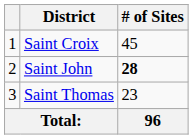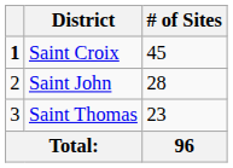 <table class="wikitable sortable">
 <tr>
 <th></th>
 <th><strong>District</strong></th>
 <th><strong># of Sites</strong></th>
 </tr>
 <tr ->
-<td>1</td>
+<td><strong>1</strong></td>
 <td><a href='#'>Saint Croix</a></td>
 <td>45</td>
 </tr>
 <tr ->
 <td>2</td>
 <td><a href='#'>Saint John</a></td>
-<td><strong>28</strong></td>
+<td>28</td>
 </tr>
 <tr ->
 <td>3</td>
 <td><a href='#'>Saint Thomas</a></td>
 <td>23</td>
 </tr>
 <tr class="sortbottom">
 <th colspan="2">Total:</th>
 <th>96</th>
 </tr>
 </table>
